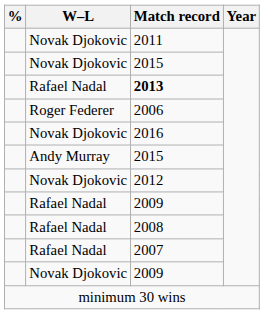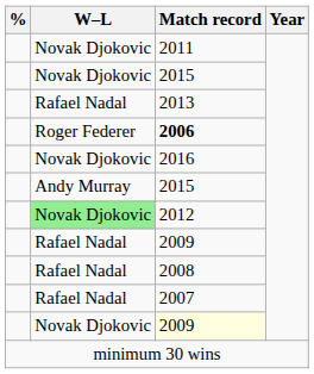 <table class="wikitable nowrap" style="display:inline-table">
 <tr>
 <th scope="col">%</th>
 <th scope="col">W–L</th>
 <th scope="col">Match record</th>
 <th scope="col">Year</th>
 </tr>
 <tr>
 <td></td>
 <td> Novak Djokovic</td>
 <td>2011</td>
 </tr>
 <tr>
 <td></td>
 <td> Novak Djokovic</td>
 <td>2015</td>
 </tr>
 <tr>
 <td></td>
 <td> Rafael Nadal</td>
-<td><strong>2013</strong></td>
+<td>2013</td>
 </tr>
 <tr>
 <td></td>
 <td> Roger Federer</td>
-<td>2006</td>
+<td><strong>2006</strong></td>
 </tr>
 <tr>
 <td></td>
 <td> Novak Djokovic</td>
 <td>2016</td>
 </tr>
 <tr>
 <td></td>
 <td> Andy Murray</td>
 <td>2015</td>
 </tr>
 <tr>
 <td></td>
-<td> Novak Djokovic</td>
+<td style="background: lightgreen;"> Novak Djokovic</td>
 <td>2012</td>
 </tr>
 <tr>
 <td></td>
 <td> Rafael Nadal</td>
 <td>2009</td>
 </tr>
 <tr>
 <td></td>
 <td> Rafael Nadal</td>
 <td>2008</td>
 </tr>
 <tr>
 <td></td>
 <td> Rafael Nadal</td>
 <td>2007</td>
 </tr>
 <tr>
 <td></td>
 <td> Novak Djokovic</td>
-<td>2009</td>
+<td style="background: lightyellow;">2009</td>
 </tr>
 <tr>
 <td colspan=4 style="text-align:center;">minimum 30 wins</td>
 </tr>
 </table>
